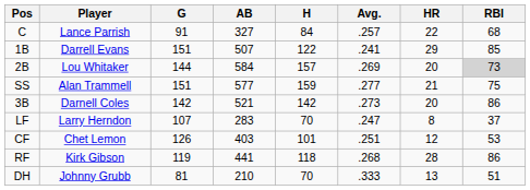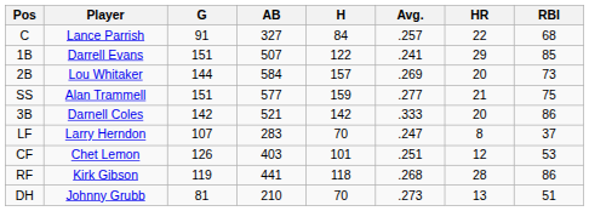 <table class="wikitable sortable">
 <tr>
 <th bgcolor="#DDDDFF" width="5%">Pos</th>
 <th bgcolor="#DDDDFF" width="16%">Player</th>
 <th bgcolor="#DDDDFF" width="9%">G</th>
 <th bgcolor="#DDDDFF" width="9%">AB</th>
 <th bgcolor="#DDDDFF" width="9%">H</th>
 <th bgcolor="#DDDDFF" width="9%">Avg.</th>
 <th bgcolor="#DDDDFF" width="9%">HR</th>
 <th bgcolor="#DDDDFF" width="9%">RBI</th>
 </tr>
 <tr align="center">
 <td>C</td>
 <td><a href='#'>Lance Parrish</a></td>
 <td>91</td>
 <td>327</td>
 <td>84</td>
 <td>.257</td>
 <td>22</td>
 <td>68</td>
 </tr>
 <tr align="center">
 <td>1B</td>
 <td><a href='#'>Darrell Evans</a></td>
 <td>151</td>
 <td>507</td>
 <td>122</td>
 <td>.241</td>
 <td>29</td>
 <td>85</td>
 </tr>
 <tr align="center">
 <td>2B</td>
 <td><a href='#'>Lou Whitaker</a></td>
 <td>144</td>
 <td>584</td>
 <td>157</td>
 <td>.269</td>
 <td>20</td>
-<td style="background: lightgrey;">73</td>
+<td>73</td>
 </tr>
 <tr align="center">
 <td>SS</td>
 <td><a href='#'>Alan Trammell</a></td>
 <td>151</td>
 <td>577</td>
 <td>159</td>
 <td>.277</td>
 <td>21</td>
 <td>75</td>
 </tr>
 <tr align="center">
 <td>3B</td>
 <td><a href='#'>Darnell Coles</a></td>
 <td>142</td>
 <td>521</td>
 <td>142</td>
-<td>.273</td>
+<td>.333</td>
 <td>20</td>
 <td>86</td>
 </tr>
 <tr align="center">
 <td>LF</td>
 <td><a href='#'>Larry Herndon</a></td>
 <td>107</td>
 <td>283</td>
 <td>70</td>
 <td>.247</td>
 <td>8</td>
 <td>37</td>
 </tr>
 <tr align="center">
 <td>CF</td>
 <td><a href='#'>Chet Lemon</a></td>
 <td>126</td>
 <td>403</td>
 <td>101</td>
 <td>.251</td>
 <td>12</td>
 <td>53</td>
 </tr>
 <tr align="center">
 <td>RF</td>
 <td><a href='#'>Kirk Gibson</a></td>
 <td>119</td>
 <td>441</td>
 <td>118</td>
 <td>.268</td>
 <td>28</td>
 <td>86</td>
 </tr>
 <tr align="center">
 <td>DH</td>
 <td><a href='#'>Johnny Grubb</a></td>
 <td>81</td>
 <td>210</td>
 <td>70</td>
-<td>.333</td>
+<td>.273</td>
 <td>13</td>
 <td>51</td>
 </tr>
 </table>
